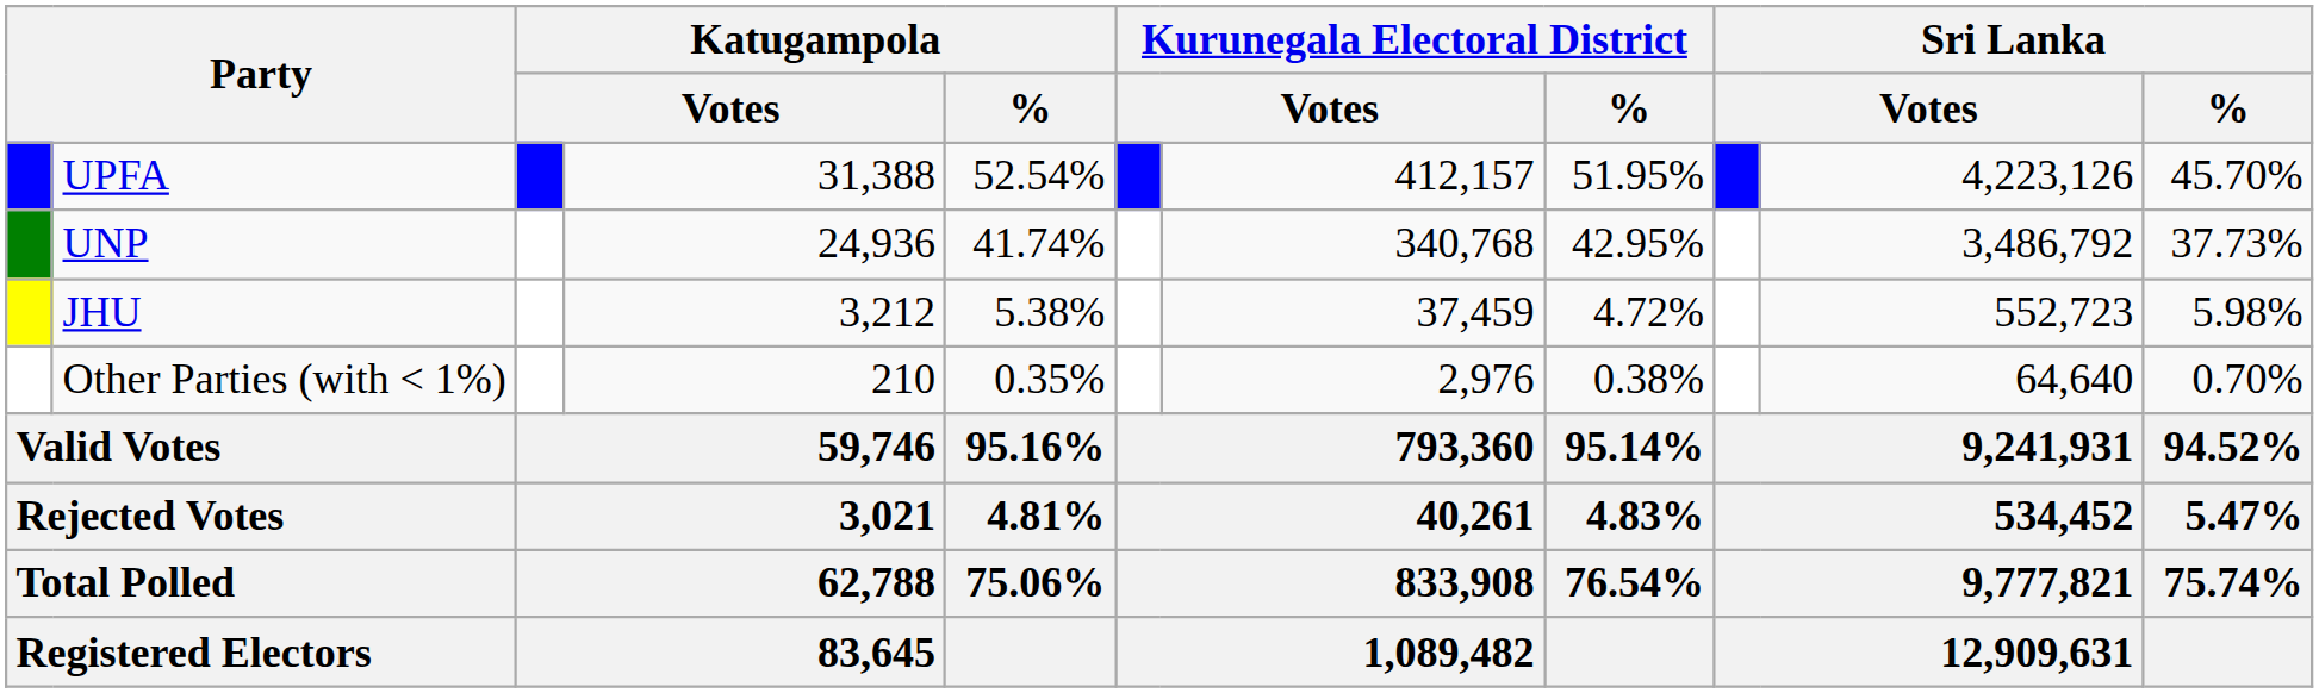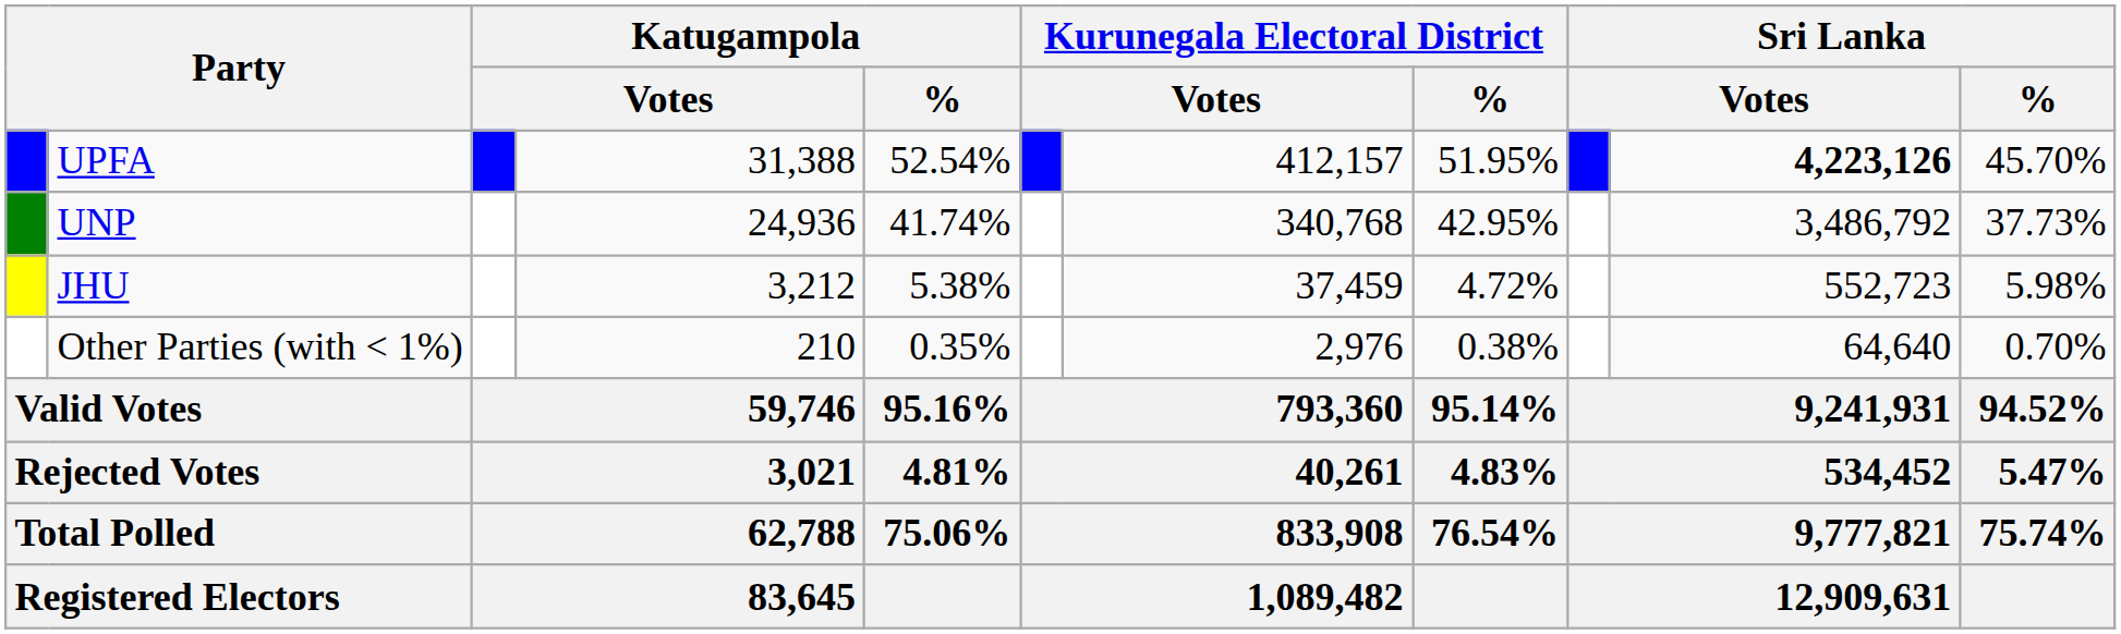 <table class="wikitable">
 <tr>
 <th colspan="2" width="144px"rowspan="2">Party</th>
 <th colspan="3" width="216px">Katugampola</th>
 <th colspan="3" width="216px"><a href='#'>Kurunegala Electoral District</a></th>
 <th colspan="3" width="216px">Sri Lanka</th>
 </tr>
 <tr>
 <th colspan="2" width="144px">Votes</th>
 <th>%</th>
 <th colspan="2" width="144px">Votes</th>
 <th>%</th>
 <th colspan="2" width="144px">Votes</th>
 <th>%</th>
 </tr>
 <tr>
 <td style="background-color:blue;" width="10px"></td>
 <td style="text-align:left;"><a href='#'>UPFA</a></td>
 <td style="background-color:blue;" width="10px"></td>
 <td style="text-align:right;">31,388</td>
 <td style="text-align:right;">52.54%</td>
 <td style="background-color:blue;" width="10px"></td>
 <td style="text-align:right;">412,157</td>
 <td style="text-align:right;">51.95%</td>
 <td style="background-color:blue;" width="10px"></td>
-<td style="text-align:right;">4,223,126</td>
+<td style="text-align:right;"><strong>4,223,126</strong></td>
 <td style="text-align:right;">45.70%</td>
 </tr>
 <tr>
 <td style="background-color:green;" width="10px"></td>
 <td style="text-align:left;"><a href='#'>UNP</a></td>
 <td style="background-color:white;" width="10px"></td>
 <td style="text-align:right;">24,936</td>
 <td style="text-align:right;">41.74%</td>
 <td style="background-color:white;" width="10px"></td>
 <td style="text-align:right;">340,768</td>
 <td style="text-align:right;">42.95%</td>
 <td style="background-color:white;" width="10px"></td>
 <td style="text-align:right;">3,486,792</td>
 <td style="text-align:right;">37.73%</td>
 </tr>
 <tr>
 <td style="background-color:yellow;" width="10px"></td>
 <td style="text-align:left;"><a href='#'>JHU</a></td>
 <td style="background-color:white;" width="10px"></td>
 <td style="text-align:right;">3,212</td>
 <td style="text-align:right;">5.38%</td>
 <td style="background-color:white;" width="10px"></td>
 <td style="text-align:right;">37,459</td>
 <td style="text-align:right;">4.72%</td>
 <td style="background-color:white;" width="10px"></td>
 <td style="text-align:right;">552,723</td>
 <td style="text-align:right;">5.98%</td>
 </tr>
 <tr>
 <td style="background-color:white;" width="10px"></td>
 <td style="text-align:left;">Other Parties (with < 1%)</td>
 <td style="background-color:white;" width="10px"></td>
 <td style="text-align:right;">210</td>
 <td style="text-align:right;">0.35%</td>
 <td style="background-color:white;" width="10px"></td>
 <td style="text-align:right;">2,976</td>
 <td style="text-align:right;">0.38%</td>
 <td style="background-color:white;" width="10px"></td>
 <td style="text-align:right;">64,640</td>
 <td style="text-align:right;">0.70%</td>
 </tr>
 <tr>
 <th colspan="2" width="144px"style="text-align:left;">Valid Votes</th>
 <th style="text-align:right;"colspan="2" width="144px">59,746</th>
 <th style="text-align:right;">95.16%</th>
 <th style="text-align:right;"colspan="2" width="144px">793,360</th>
 <th style="text-align:right;">95.14%</th>
 <th style="text-align:right;"colspan="2" width="144px">9,241,931</th>
 <th style="text-align:right;">94.52%</th>
 </tr>
 <tr>
 <th colspan="2" width="144px"style="text-align:left;">Rejected Votes</th>
 <th style="text-align:right;"colspan="2" width="144px">3,021</th>
 <th style="text-align:right;">4.81%</th>
 <th style="text-align:right;"colspan="2" width="144px">40,261</th>
 <th style="text-align:right;">4.83%</th>
 <th style="text-align:right;"colspan="2" width="144px">534,452</th>
 <th style="text-align:right;">5.47%</th>
 </tr>
 <tr>
 <th colspan="2" width="144px"style="text-align:left;">Total Polled</th>
 <th style="text-align:right;"colspan="2" width="144px">62,788</th>
 <th style="text-align:right;">75.06%</th>
 <th style="text-align:right;"colspan="2" width="144px">833,908</th>
 <th style="text-align:right;">76.54%</th>
 <th style="text-align:right;"colspan="2" width="144px">9,777,821</th>
 <th style="text-align:right;">75.74%</th>
 </tr>
 <tr>
 <th colspan="2" width="144px"style="text-align:left;">Registered Electors</th>
 <th style="text-align:right;"colspan="2" width="144px">83,645</th>
 <th></th>
 <th style="text-align:right;"colspan="2" width="144px">1,089,482</th>
 <th></th>
 <th style="text-align:right;"colspan="2" width="144px">12,909,631</th>
 <th></th>
 </tr>
 </table>
